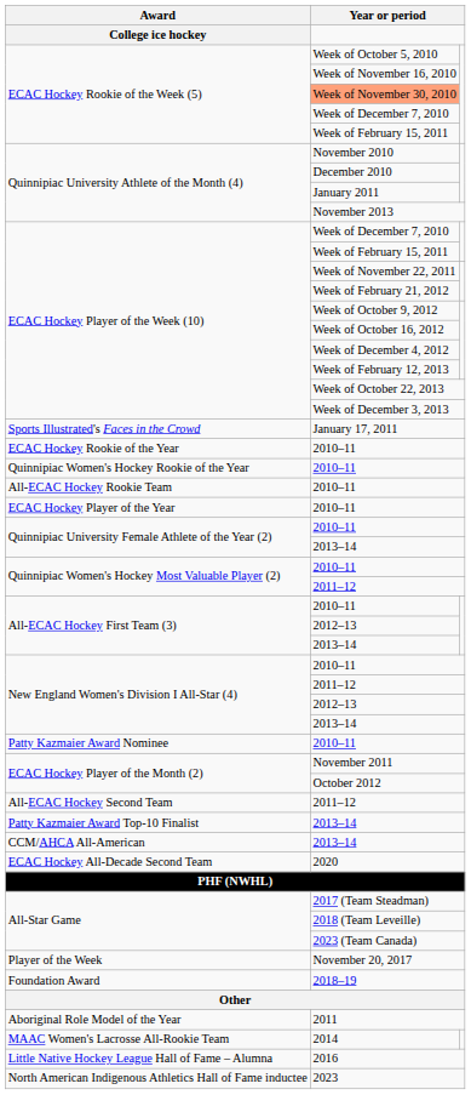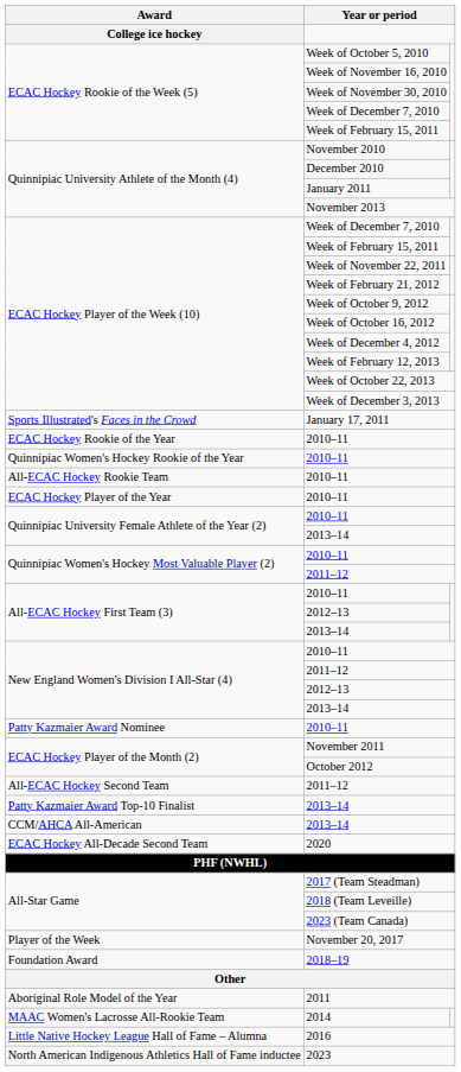 <table class="wikitable">
 <tr>
 <th scope="col">Award</th>
 <th colspan="2" scope="col">Year or period</th>
 </tr>
 <tr>
 <th>College ice hockey</th>
 </tr>
 <tr>
 <td rowspan="5"><a href='#'>ECAC Hockey</a> Rookie of the Week (5)</td>
 <td>Week of October 5, 2010</td>
 <td rowspan="5"></td>
 </tr>
 <tr>
 <td>Week of November 16, 2010</td>
 </tr>
 <tr>
-<td style="background: lightsalmon;">Week of November 30, 2010</td>
+<td>Week of November 30, 2010</td>
 </tr>
 <tr>
 <td>Week of December 7, 2010</td>
 </tr>
 <tr>
 <td>Week of February 15, 2011</td>
 </tr>
 <tr>
 <td rowspan="4">Quinnipiac University Athlete of the Month (4)</td>
 <td>November 2010</td>
 <td rowspan="3"></td>
 </tr>
 <tr>
 <td>December 2010</td>
 </tr>
 <tr>
 <td>January 2011</td>
 </tr>
 <tr>
 <td colspan="2">November 2013</td>
 </tr>
 <tr>
 <td rowspan="10"><a href='#'>ECAC Hockey</a> Player of the Week (10)</td>
 <td>Week of December 7, 2010</td>
 <td rowspan="2"></td>
 </tr>
 <tr>
 <td>Week of February 15, 2011</td>
 </tr>
 <tr>
 <td>Week of November 22, 2011</td>
 <td rowspan="2"></td>
 </tr>
 <tr>
 <td>Week of February 21, 2012</td>
 </tr>
 <tr>
 <td>Week of October 9, 2012</td>
 <td rowspan="4"></td>
 </tr>
 <tr>
 <td>Week of October 16, 2012</td>
 </tr>
 <tr>
 <td>Week of December 4, 2012</td>
 </tr>
 <tr>
 <td>Week of February 12, 2013</td>
 </tr>
 <tr>
 <td colspan="2">Week of October 22, 2013</td>
 </tr>
 <tr>
 <td colspan="2">Week of December 3, 2013</td>
 </tr>
 <tr>
 <td><a href='#'>Sports Illustrated</a>'s <a href='#'><em>Faces in the Crowd</em></a></td>
 <td colspan="2">January 17, 2011</td>
 </tr>
 <tr>
 <td><a href='#'>ECAC Hockey</a> Rookie of the Year</td>
 <td colspan="2">2010–11</td>
 </tr>
 <tr>
 <td>Quinnipiac Women's Hockey Rookie of the Year</td>
 <td colspan="2"><a href='#'>2010–11</a></td>
 </tr>
 <tr>
 <td>All-<a href='#'>ECAC Hockey</a> Rookie Team</td>
 <td colspan="2">2010–11</td>
 </tr>
 <tr>
 <td><a href='#'>ECAC Hockey</a> Player of the Year</td>
 <td colspan="2">2010–11</td>
 </tr>
 <tr>
 <td rowspan="2">Quinnipiac University Female Athlete of the Year (2)</td>
 <td colspan="2"><a href='#'>2010–11</a></td>
 </tr>
 <tr>
 <td colspan="2">2013–14</td>
 </tr>
 <tr>
 <td rowspan="2">Quinnipiac Women's Hockey <a href='#'>Most Valuable Player</a> (2)</td>
 <td colspan="2"><a href='#'>2010–11</a></td>
 </tr>
 <tr>
 <td colspan="2"><a href='#'>2011–12</a></td>
 </tr>
 <tr>
 <td rowspan="3">All-<a href='#'>ECAC Hockey</a> First Team (3)</td>
 <td>2010–11</td>
 <td rowspan="3"></td>
 </tr>
 <tr>
 <td>2012–13</td>
 </tr>
 <tr>
 <td>2013–14</td>
 </tr>
 <tr>
 <td rowspan="4">New England Women's Division I All-Star (4)</td>
 <td colspan="2">2010–11</td>
 </tr>
 <tr>
 <td colspan="2">2011–12</td>
 </tr>
 <tr>
 <td colspan="2">2012–13</td>
 </tr>
 <tr>
 <td colspan="2">2013–14</td>
 </tr>
 <tr>
 <td><a href='#'>Patty Kazmaier Award</a> Nominee</td>
 <td colspan="2"><a href='#'>2010–11</a></td>
 </tr>
 <tr>
 <td rowspan="2"><a href='#'>ECAC Hockey</a> Player of the Month (2)</td>
 <td colspan="2">November 2011</td>
 </tr>
 <tr>
 <td colspan="2">October 2012</td>
 </tr>
 <tr>
 <td>All-<a href='#'>ECAC Hockey</a> Second Team</td>
 <td colspan="2">2011–12</td>
 </tr>
 <tr>
 <td><a href='#'>Patty Kazmaier Award</a> Top-10 Finalist</td>
 <td colspan="2"><a href='#'>2013–14</a></td>
 </tr>
 <tr>
 <td>CCM/<a href='#'>AHCA</a> All-American<br></td>
 <td colspan="2"><a href='#'>2013–14</a></td>
 </tr>
 <tr>
 <td><a href='#'>ECAC Hockey</a> All-Decade Second Team</td>
 <td colspan="2">2020</td>
 </tr>
 <tr>
 <th colspan="3" style="text-align:center; color:white; background:#000000">PHF (NWHL)</th>
 </tr>
 <tr>
 <td rowspan="3">All-Star Game</td>
 <td colspan="2"><a href='#'>2017</a> (Team Steadman)</td>
 </tr>
 <tr>
 <td colspan="2"><a href='#'>2018</a> (Team Leveille)</td>
 </tr>
 <tr>
 <td colspan="2"><a href='#'>2023</a> (Team Canada)</td>
 </tr>
 <tr>
 <td>Player of the Week</td>
 <td colspan="2">November 20, 2017</td>
 </tr>
 <tr>
 <td>Foundation Award</td>
 <td colspan="2"><a href='#'>2018–19</a></td>
 </tr>
 <tr>
 <th colspan="3">Other</th>
 </tr>
 <tr>
 <td>Aboriginal Role Model of the Year</td>
 <td colspan="2">2011</td>
 </tr>
 <tr>
 <td><a href='#'>MAAC</a> Women's Lacrosse All-Rookie Team</td>
 <td>2014</td>
 <td></td>
 </tr>
 <tr>
 <td><a href='#'>Little Native Hockey League</a> Hall of Fame – Alumna</td>
 <td colspan="2">2016</td>
 </tr>
 <tr>
 <td>North American Indigenous Athletics Hall of Fame inductee</td>
 <td colspan="2">2023</td>
 </tr>
 </table>
